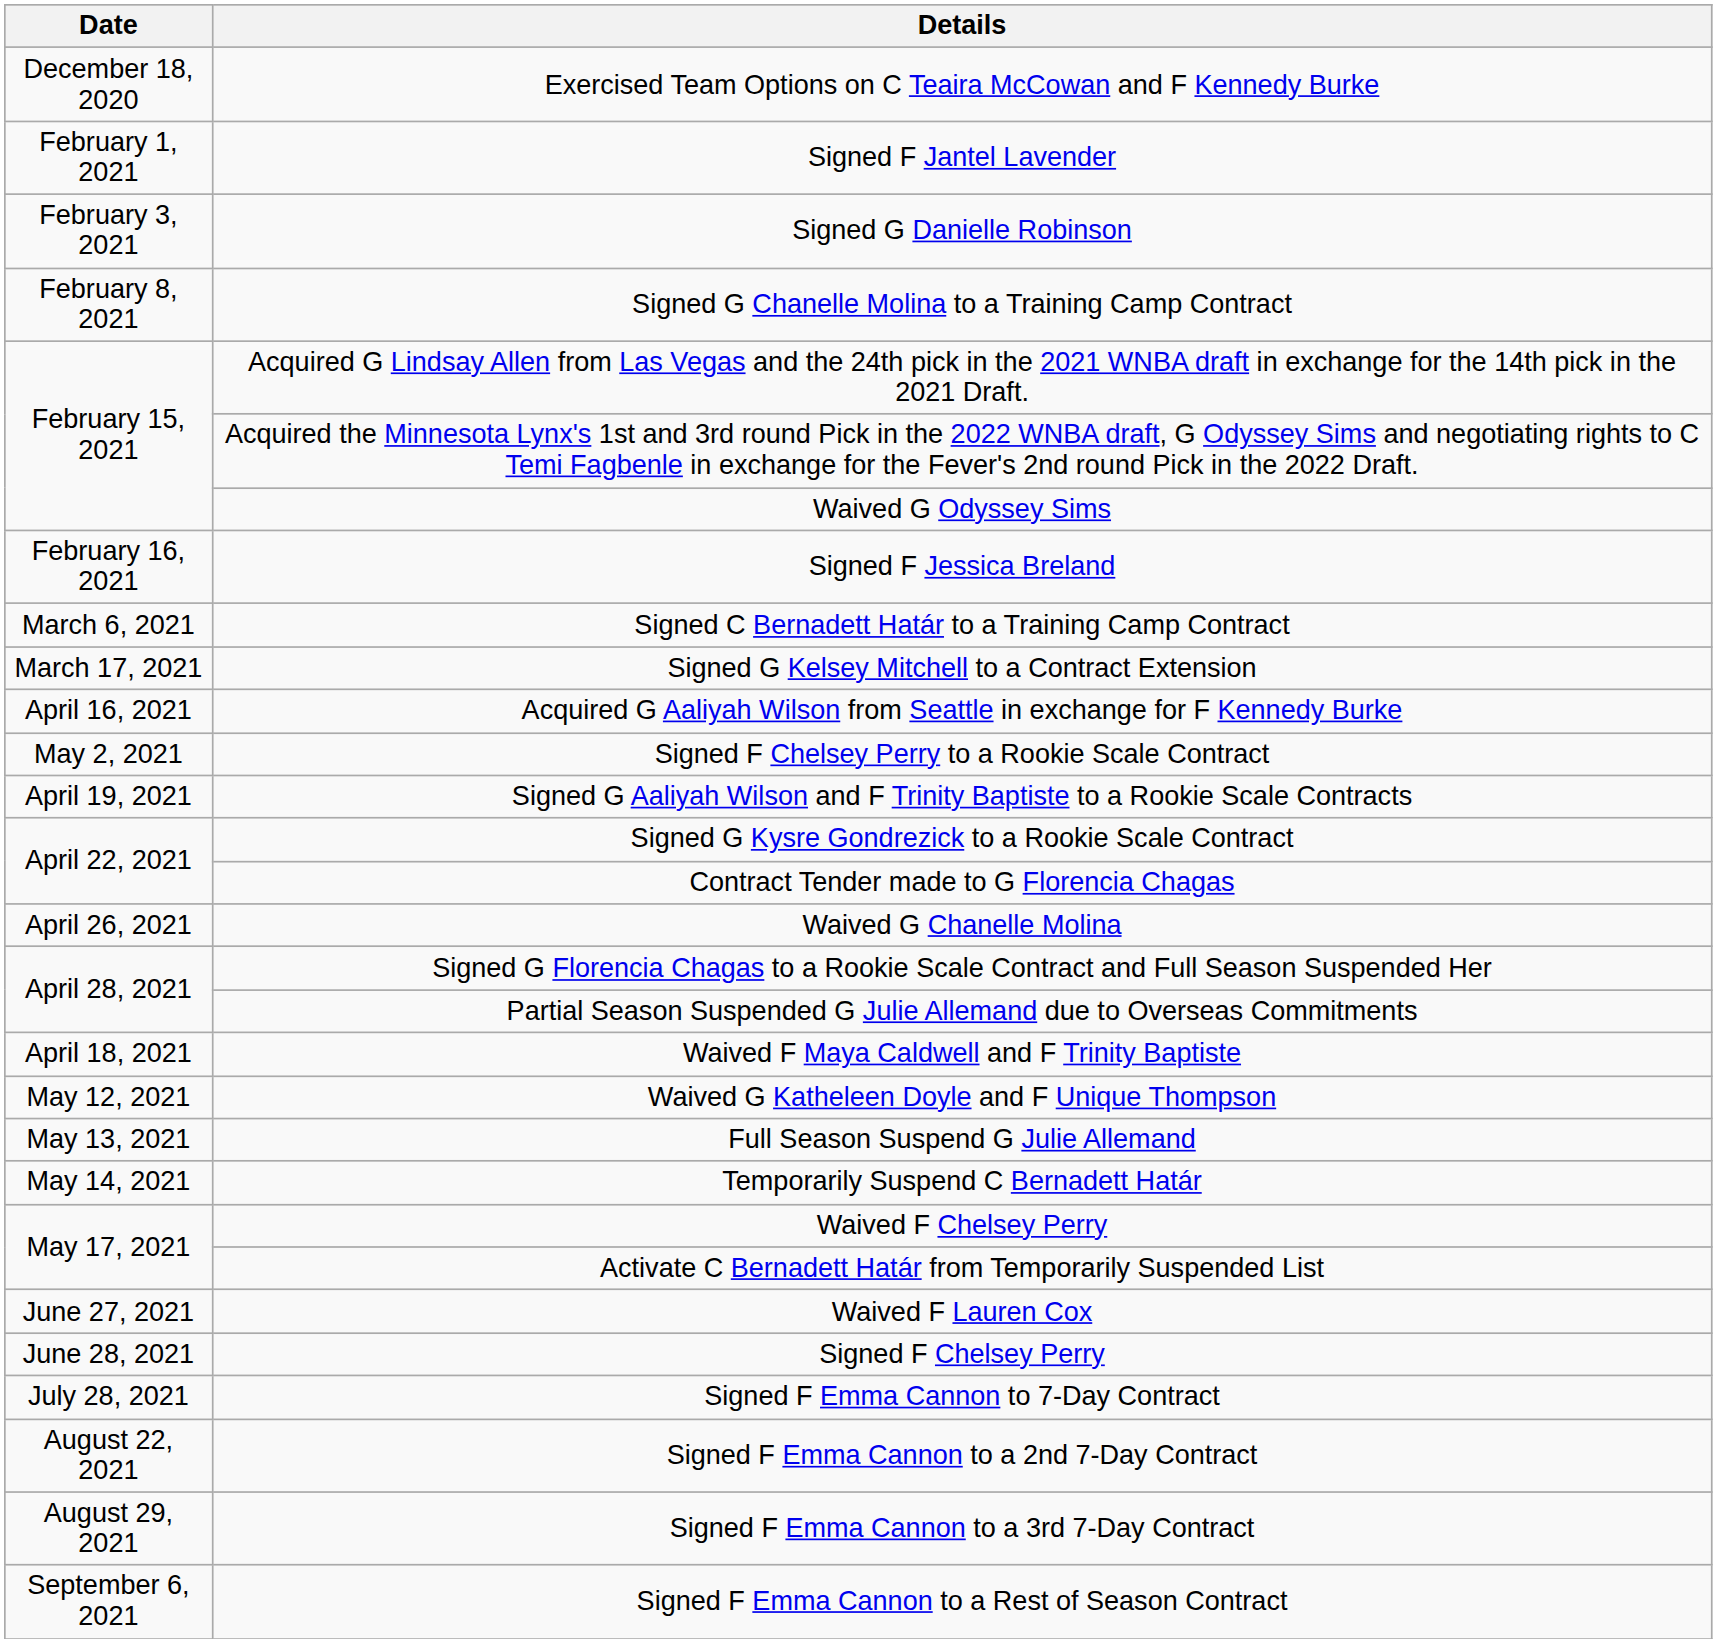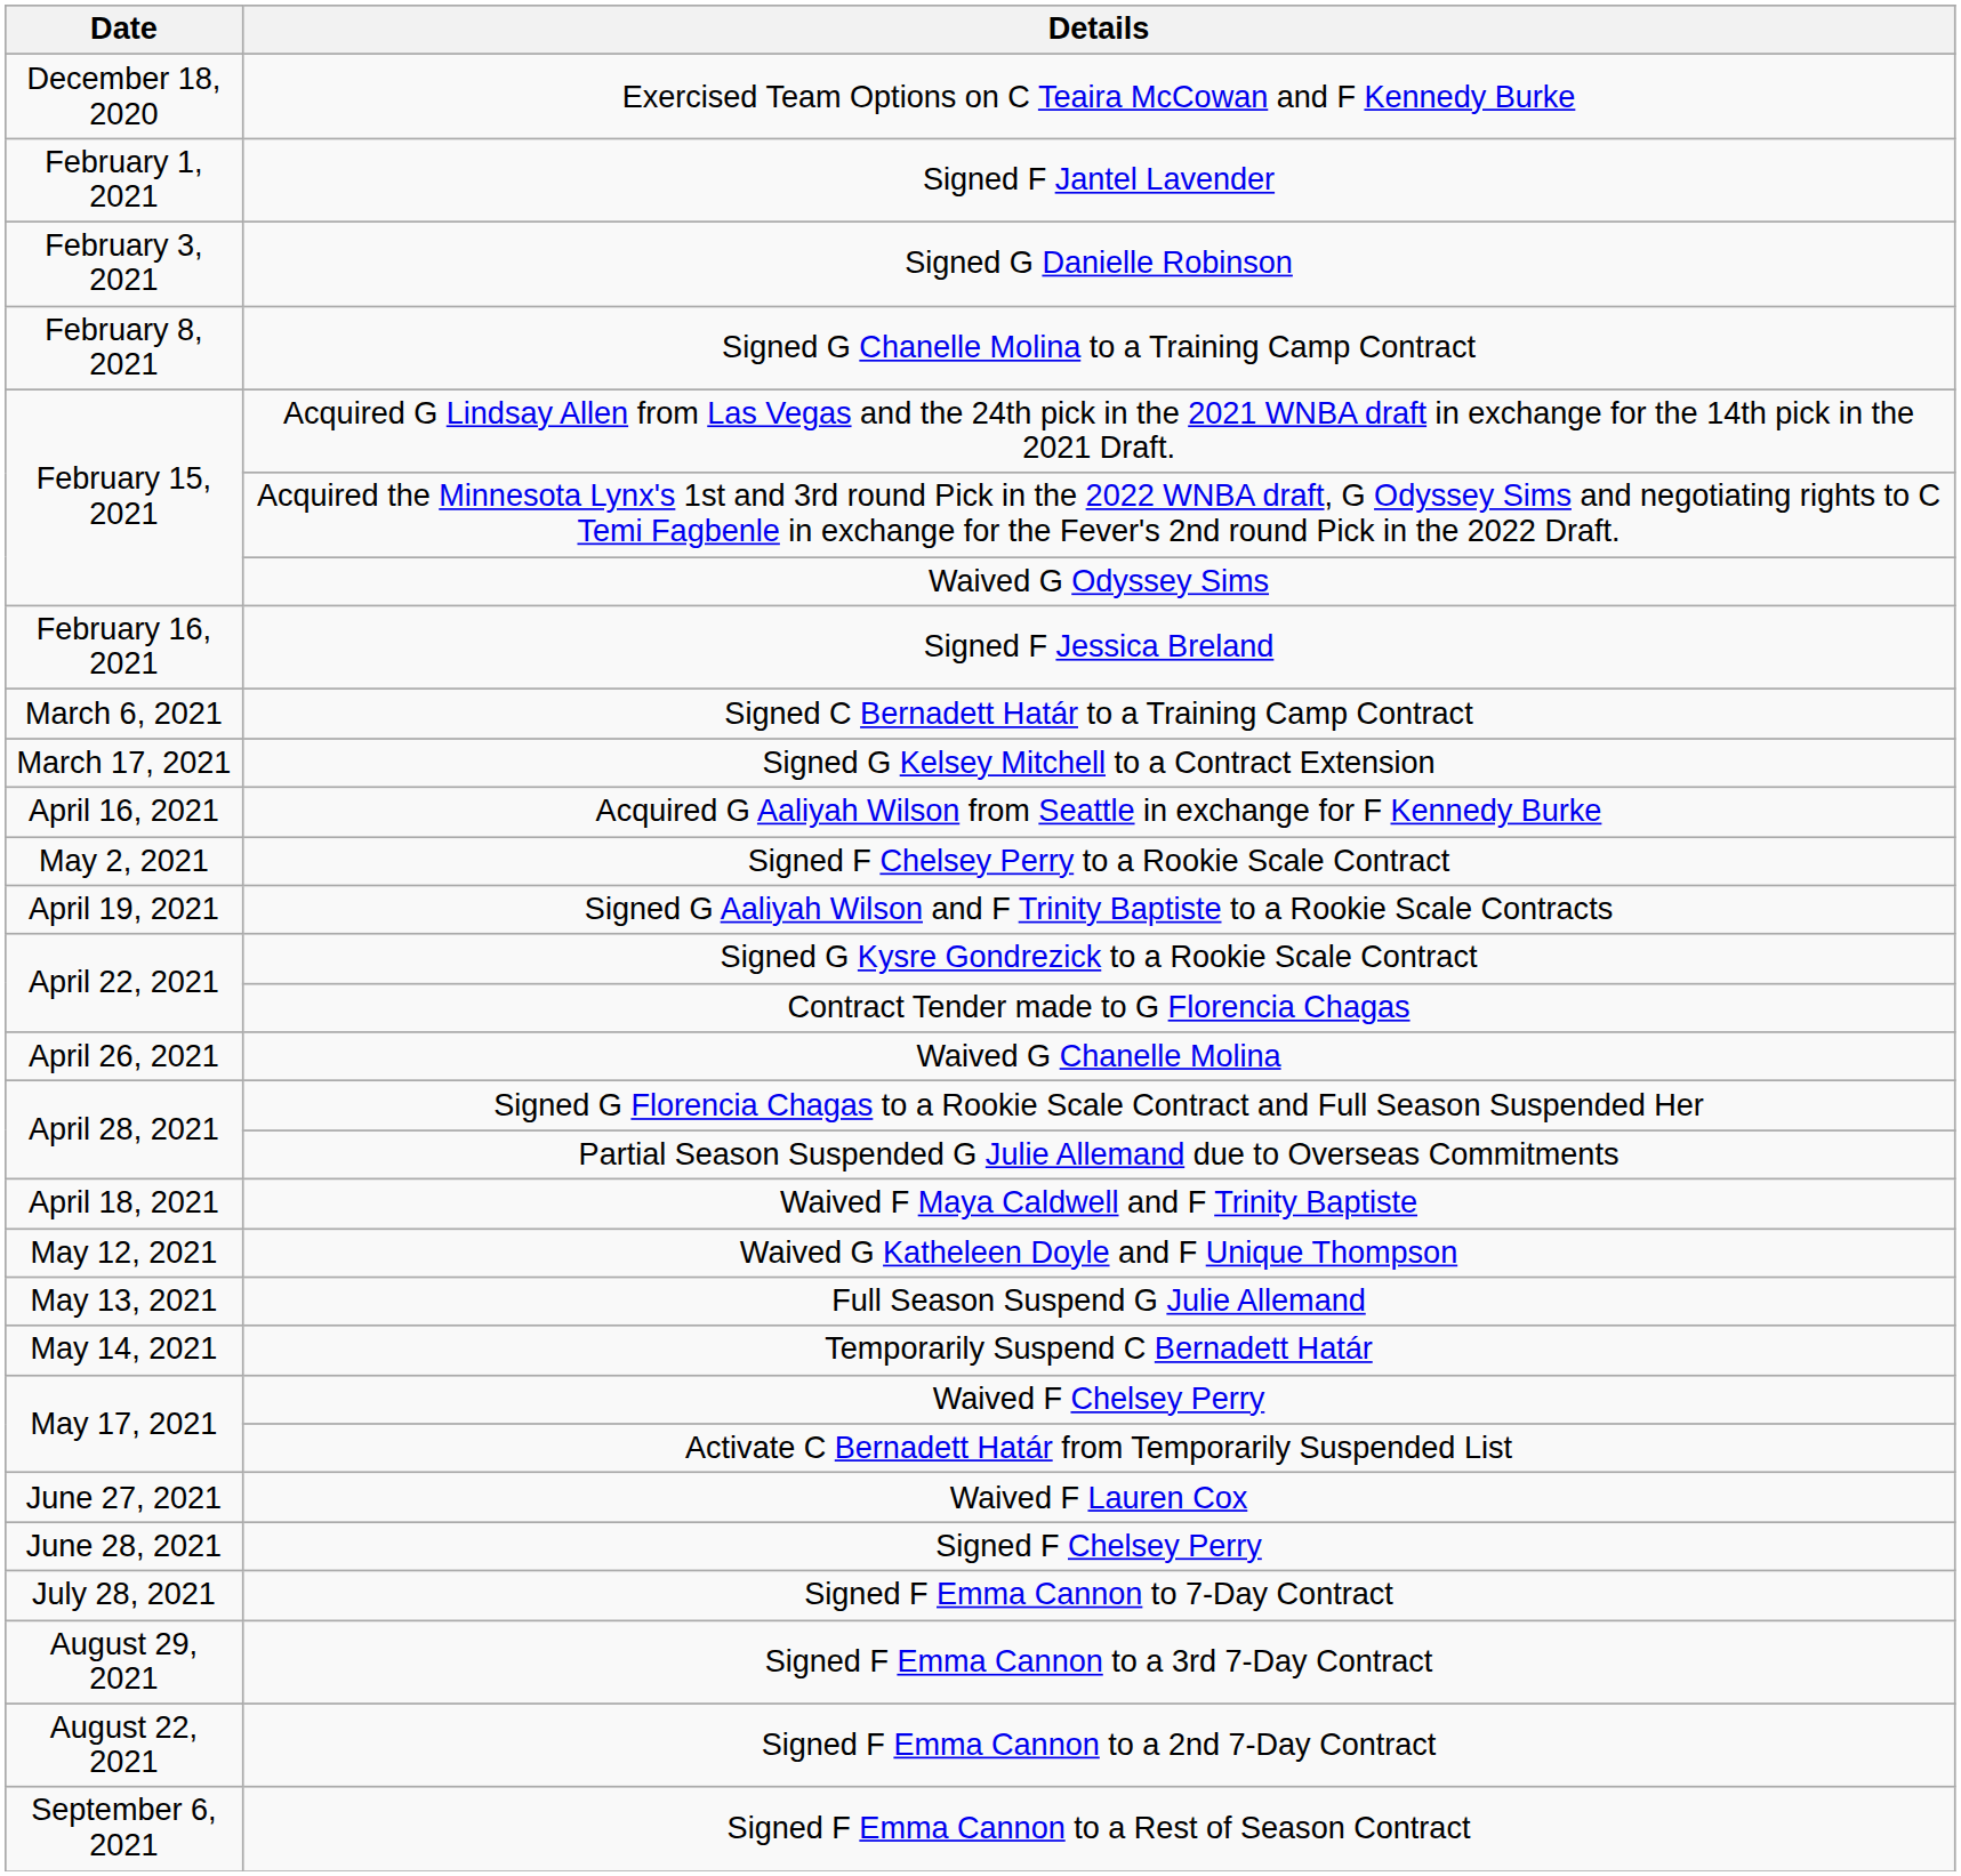 <table class="wikitable" style="width:80%; text-align: center;">
 <tr>
 <th>Date</th>
 <th>Details</th>
 </tr>
 <tr>
 <td>December 18, 2020</td>
 <td>Exercised Team Options on C <a href='#'>Teaira McCowan</a> and F <a href='#'>Kennedy Burke</a></td>
 </tr>
 <tr>
 <td>February 1, 2021</td>
 <td>Signed F <a href='#'>Jantel Lavender</a></td>
 </tr>
 <tr>
 <td>February 3, 2021</td>
 <td>Signed G <a href='#'>Danielle Robinson</a></td>
 </tr>
 <tr>
 <td>February 8, 2021</td>
 <td>Signed G <a href='#'>Chanelle Molina</a> to a Training Camp Contract</td>
 </tr>
 <tr>
 <td rowspan=3>February 15, 2021</td>
 <td>Acquired G <a href='#'>Lindsay Allen</a> from <a href='#'>Las Vegas</a> and the 24th pick in the <a href='#'>2021 WNBA draft</a> in exchange for the 14th pick in the 2021 Draft.</td>
 </tr>
 <tr>
 <td>Acquired the <a href='#'>Minnesota Lynx's</a> 1st and 3rd round Pick in the <a href='#'>2022 WNBA draft</a>, G <a href='#'>Odyssey Sims</a> and negotiating rights to C <a href='#'>Temi Fagbenle</a> in exchange for the Fever's 2nd round Pick in the 2022 Draft.</td>
 </tr>
 <tr>
 <td>Waived G <a href='#'>Odyssey Sims</a></td>
 </tr>
 <tr>
 <td>February 16, 2021</td>
 <td>Signed F <a href='#'>Jessica Breland</a></td>
 </tr>
 <tr>
 <td>March 6, 2021</td>
 <td>Signed C <a href='#'>Bernadett Határ</a> to a Training Camp Contract</td>
 </tr>
 <tr>
 <td>March 17, 2021</td>
 <td>Signed G <a href='#'>Kelsey Mitchell</a> to a Contract Extension</td>
 </tr>
 <tr>
 <td>April 16, 2021</td>
 <td>Acquired G <a href='#'>Aaliyah Wilson</a> from <a href='#'>Seattle</a> in exchange for F <a href='#'>Kennedy Burke</a></td>
 </tr>
 <tr>
 <td>May 2, 2021</td>
 <td>Signed F <a href='#'>Chelsey Perry</a> to a Rookie Scale Contract</td>
 </tr>
 <tr>
 <td>April 19, 2021</td>
 <td>Signed G <a href='#'>Aaliyah Wilson</a> and F <a href='#'>Trinity Baptiste</a> to a Rookie Scale Contracts</td>
 </tr>
 <tr>
 <td rowspan=2>April 22, 2021</td>
 <td>Signed G <a href='#'>Kysre Gondrezick</a> to a Rookie Scale Contract</td>
 </tr>
 <tr>
 <td>Contract Tender made to G <a href='#'>Florencia Chagas</a></td>
 </tr>
 <tr>
 <td>April 26, 2021</td>
 <td>Waived G <a href='#'>Chanelle Molina</a></td>
 </tr>
 <tr>
 <td rowspan=2>April 28, 2021</td>
 <td>Signed G <a href='#'>Florencia Chagas</a> to a Rookie Scale Contract and Full Season Suspended Her</td>
 </tr>
 <tr>
 <td>Partial Season Suspended G <a href='#'>Julie Allemand</a> due to Overseas Commitments</td>
 </tr>
 <tr>
 <td>April 18, 2021</td>
 <td>Waived F <a href='#'>Maya Caldwell</a> and F <a href='#'>Trinity Baptiste</a></td>
 </tr>
 <tr>
 <td>May 12, 2021</td>
 <td>Waived G <a href='#'>Katheleen Doyle</a> and F <a href='#'>Unique Thompson</a></td>
 </tr>
 <tr>
 <td>May 13, 2021</td>
 <td>Full Season Suspend G <a href='#'>Julie Allemand</a></td>
 </tr>
 <tr>
 <td>May 14, 2021</td>
 <td>Temporarily Suspend C <a href='#'>Bernadett Határ</a></td>
 </tr>
 <tr>
 <td rowspan=2>May 17, 2021</td>
 <td>Waived F <a href='#'>Chelsey Perry</a></td>
 </tr>
 <tr>
 <td>Activate C <a href='#'>Bernadett Határ</a> from Temporarily Suspended List</td>
 </tr>
 <tr>
 <td>June 27, 2021</td>
 <td>Waived F <a href='#'>Lauren Cox</a></td>
 </tr>
 <tr>
 <td>June 28, 2021</td>
 <td>Signed F <a href='#'>Chelsey Perry</a></td>
 </tr>
 <tr>
 <td>July 28, 2021</td>
 <td>Signed F <a href='#'>Emma Cannon</a> to 7-Day Contract</td>
 </tr>
 <tr>
+<td>August 29, 2021</td>
+<td>Signed F <a href='#'>Emma Cannon</a> to a 3rd 7-Day Contract</td>
+</tr>
+<tr>
 <td>August 22, 2021</td>
 <td>Signed F <a href='#'>Emma Cannon</a> to a 2nd 7-Day Contract</td>
-</tr>
-<tr>
-<td>August 29, 2021</td>
-<td>Signed F <a href='#'>Emma Cannon</a> to a 3rd 7-Day Contract</td>
 </tr>
 <tr>
 <td>September 6, 2021</td>
 <td>Signed F <a href='#'>Emma Cannon</a> to a Rest of Season Contract</td>
 </tr>
 </table>
